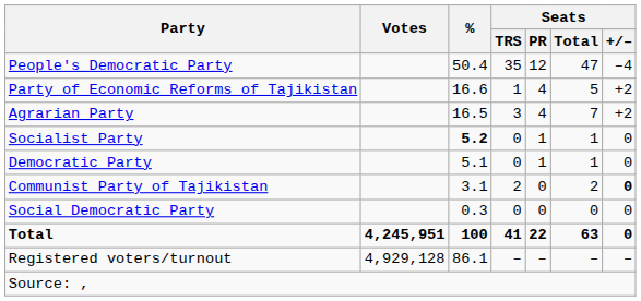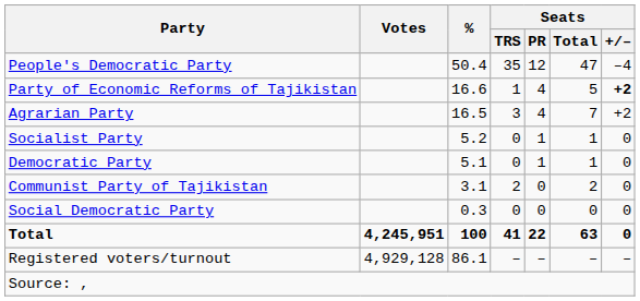 <table class=wikitable style=text-align:right>
 <tr>
 <th rowspan=2>Party</th>
 <th rowspan=2>Votes</th>
 <th rowspan=2>%</th>
 <th colspan=4>Seats</th>
 </tr>
 <tr>
 <th>TRS</th>
 <th>PR</th>
 <th>Total</th>
 <th>+/–</th>
 </tr>
 <tr>
 <td style="text-align:left"><a href='#'>People's Democratic Party</a></td>
 <td></td>
 <td>50.4</td>
 <td>35</td>
 <td>12</td>
 <td>47</td>
 <td>–4</td>
 </tr>
 <tr>
 <td style="text-align:left"><a href='#'>Party of Economic Reforms of Tajikistan</a></td>
 <td></td>
 <td>16.6</td>
 <td>1</td>
 <td>4</td>
 <td>5</td>
-<td>+2</td>
+<td><strong>+2</strong></td>
 </tr>
 <tr>
 <td style="text-align:left"><a href='#'>Agrarian Party</a></td>
 <td></td>
 <td>16.5</td>
 <td>3</td>
 <td>4</td>
 <td>7</td>
 <td>+2</td>
 </tr>
 <tr>
 <td style="text-align:left"><a href='#'>Socialist Party</a></td>
 <td></td>
-<td><strong>5.2</strong></td>
+<td>5.2</td>
 <td>0</td>
 <td>1</td>
 <td>1</td>
 <td>0</td>
 </tr>
 <tr>
 <td style="text-align:left"><a href='#'>Democratic Party</a></td>
 <td></td>
 <td>5.1</td>
 <td>0</td>
 <td>1</td>
 <td>1</td>
 <td>0</td>
 </tr>
 <tr>
 <td style="text-align:left"><a href='#'>Communist Party of Tajikistan</a></td>
 <td></td>
 <td>3.1</td>
 <td>2</td>
 <td>0</td>
 <td>2</td>
-<td><strong>0</strong></td>
+<td>0</td>
 </tr>
 <tr>
 <td style="text-align:left"><a href='#'>Social Democratic Party</a></td>
 <td></td>
 <td>0.3</td>
 <td>0</td>
 <td>0</td>
 <td>0</td>
 <td>0</td>
 </tr>
 <tr>
 <td style="text-align:left"><strong>Total</strong></td>
 <td><strong>4,245,951</strong></td>
 <td><strong>100</strong></td>
 <td><strong>41</strong></td>
 <td><strong>22</strong></td>
 <td><strong>63</strong></td>
 <td><strong>0</strong></td>
 </tr>
 <tr>
 <td style="text-align:left">Registered voters/turnout</td>
 <td>4,929,128</td>
 <td>86.1</td>
 <td>–</td>
 <td>–</td>
 <td>–</td>
 <td>–</td>
 </tr>
 <tr>
 <td style="text-align:left" colspan=7>Source: , </td>
 </tr>
 </table>
